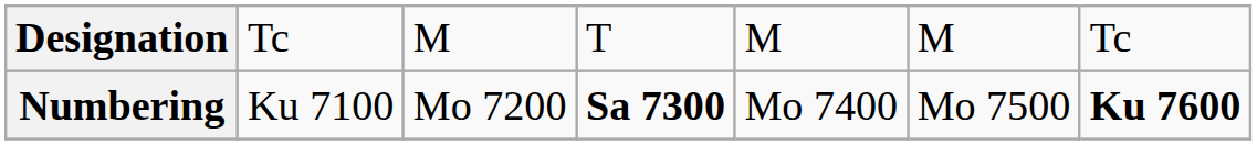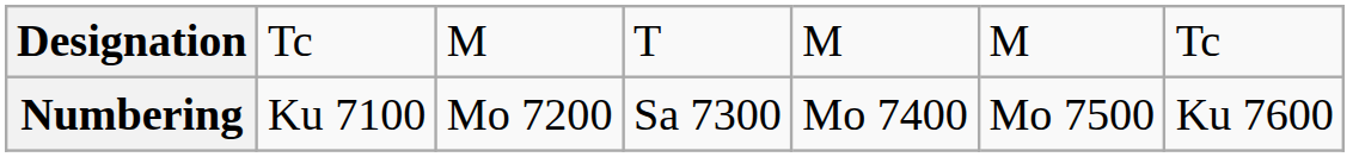 <table class="wikitable">
 <tr>
 <th>Designation</th>
 <td>Tc</td>
 <td>M</td>
 <td>T</td>
 <td>M</td>
 <td>M</td>
 <td>Tc</td>
 </tr>
 <tr>
 <th>Numbering</th>
 <td>Ku 7100</td>
 <td>Mo 7200</td>
-<td><strong>Sa 7300</strong></td>
+<td>Sa 7300</td>
 <td>Mo 7400</td>
 <td>Mo 7500</td>
-<td><strong>Ku 7600</strong></td>
+<td>Ku 7600</td>
 </tr>
 </table>
